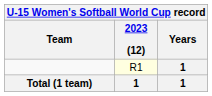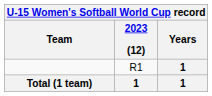 <table class="wikitable" style="text-align:center; font-size:85%;">
 <tr>
 <th colspan=32><a href='#'>U-15 Women's Softball World Cup</a> record</th>
 </tr>
 <tr>
 <th>Team</th>
 <th><a href='#'>2023</a><br><br>(12)</th>
 <th>Years</th>
 </tr>
 <tr>
 <td align=left></td>
-<td style="background: lightyellow;">R1<br></td>
+<td>R1<br></td>
 <th>1</th>
 </tr>
 <tr>
 <th>Total (1 team)</th>
 <th>1</th>
 <th>1</th>
 </tr>
 </table>
